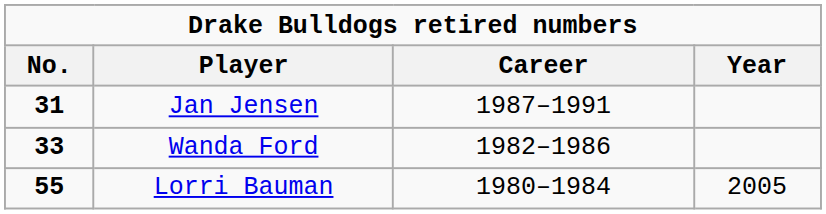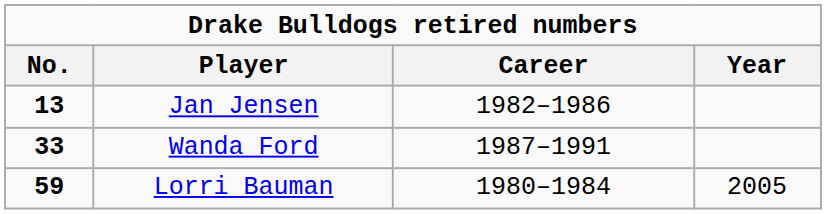 <table class="wikitable sortable" style="text-align:center">
 <tr>
 <td colspan="5"><strong>Drake Bulldogs retired numbers</strong></td>
 </tr>
 <tr>
 <th width=40px>No.</th>
 <th width=150px>Player</th>
 <th width=150px>Career</th>
 <th width=60px>Year</th>
 </tr>
 <tr>
-<td><strong>31</strong></td>
+<td><strong>13</strong></td>
 <td><a href='#'>Jan Jensen</a></td>
-<td>1987–1991</td>
+<td>1982–1986</td>
 <td></td>
 </tr>
 <tr>
 <td><strong>33</strong></td>
 <td><a href='#'>Wanda Ford</a></td>
-<td>1982–1986</td>
+<td>1987–1991</td>
 <td></td>
 </tr>
 <tr>
-<td><strong>55</strong></td>
+<td><strong>59</strong></td>
 <td><a href='#'>Lorri Bauman</a></td>
 <td>1980–1984</td>
 <td>2005</td>
 </tr>
 </table>
